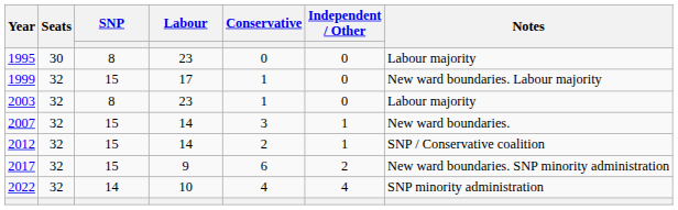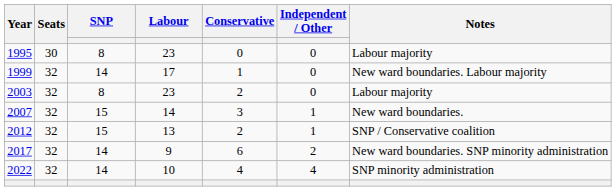 <table class="wikitable" style=text-align:center>
 <tr>
 <th rowspan=2><strong>Year</strong></th>
 <th rowspan=2><strong>Seats</strong></th>
 <th width="80"><a href='#'><strong>SNP</strong></a></th>
 <th width="80"><a href='#'><strong>Labour</strong></a></th>
 <th width="80"><strong><a href='#'>Conservative</a></strong></th>
 <th width="80"><a href='#'><strong>Independent / Other</strong></a></th>
 <th rowspan=2><strong>Notes</strong></th>
 </tr>
 <tr>
 <th style="background-color: "></th>
 <th style="background-color: "></th>
 <th style="background-color: "></th>
 <th style="background-color: "></th>
 </tr>
 <tr>
 <td><a href='#'>1995</a></td>
 <td>30</td>
 <td>8</td>
 <td>23</td>
 <td>0</td>
 <td>0</td>
 <td align=left>Labour majority</td>
 </tr>
 <tr>
 <td><a href='#'>1999</a></td>
 <td>32</td>
-<td>15</td>
+<td>14</td>
 <td>17</td>
 <td>1</td>
 <td>0</td>
 <td align=left>New ward boundaries. Labour majority</td>
 </tr>
 <tr>
 <td><a href='#'>2003</a></td>
 <td>32</td>
 <td>8</td>
 <td>23</td>
-<td>1</td>
+<td>2</td>
 <td>0</td>
 <td align=left>Labour majority</td>
 </tr>
 <tr>
 <td><a href='#'>2007</a></td>
 <td>32</td>
 <td>15</td>
 <td>14</td>
 <td>3</td>
 <td>1</td>
 <td align=left>New ward boundaries.</td>
 </tr>
 <tr>
 <td><a href='#'>2012</a></td>
 <td>32</td>
 <td>15</td>
-<td>14</td>
+<td>13</td>
 <td>2</td>
 <td>1</td>
 <td align=left>SNP / Conservative coalition</td>
 </tr>
 <tr>
 <td><a href='#'>2017</a></td>
 <td>32</td>
-<td>15</td>
+<td>14</td>
 <td>9</td>
 <td>6</td>
 <td>2</td>
 <td align=left>New ward boundaries. SNP minority administration</td>
 </tr>
 <tr>
 <td><a href='#'>2022</a></td>
 <td>32</td>
 <td>14</td>
 <td>10</td>
 <td>4</td>
 <td>4</td>
 <td align=left>SNP minority administration</td>
 </tr>
 <tr>
 <th></th>
 <th></th>
 <th style="background-color: "></th>
 <th style="background-color: "></th>
 <th style="background-color: "></th>
 <th style="background-color: "></th>
 <th></th>
 </tr>
 </table>
